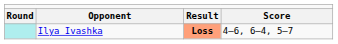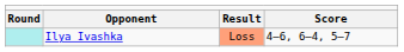 <table class=wikitable style=font-size:96%>
 <tr>
 <td colspan=4></td>
 </tr>
 <tr>
 <th>Round</th>
 <th style=width:200px>Opponent</th>
 <th>Result</th>
 <th width=150>Score</th>
 </tr>
 <tr>
 <td style=background:#afeeee></td>
 <td> <a href='#'>Ilya Ivashka</a></td>
-<td bgcolor=FFA07A style=text-align:center><strong>Loss</strong></td>
+<td bgcolor=FFA07A style=text-align:center>Loss</td>
 <td>4–6, 6–4, 5–7</td>
 </tr>
 </table>
